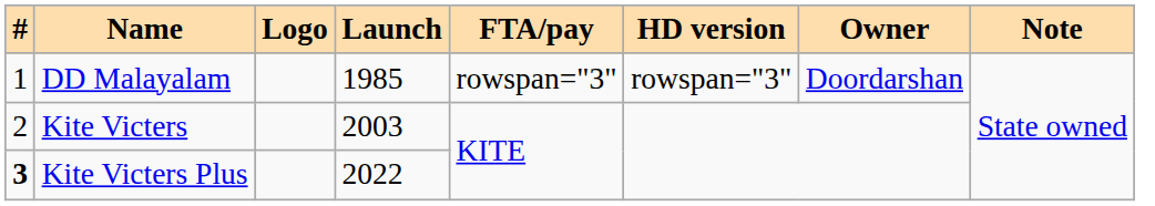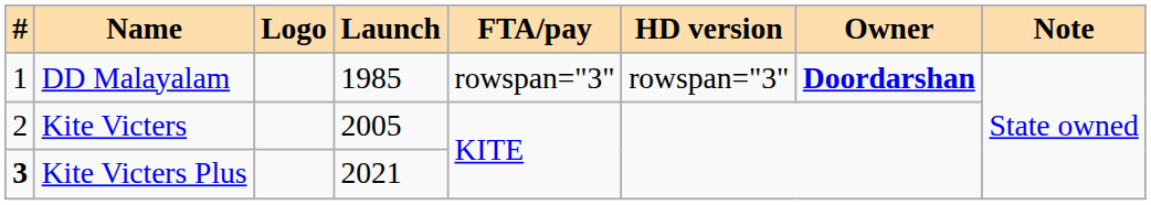 <table class="wikitable sortable">
 <tr>
 <th style="background-color:navajowhite">#</th>
 <th style="background-color:navajowhite">Name</th>
 <th style="background-color:navajowhite">Logo</th>
 <th style="background-color:navajowhite">Launch</th>
 <th style="background-color:navajowhite">FTA/pay</th>
 <th style="background-color:navajowhite">HD version</th>
 <th style="background-color:navajowhite">Owner</th>
 <th style="background-color:navajowhite">Note</th>
 </tr>
 <tr>
 <td>1</td>
 <td><a href='#'>DD Malayalam</a></td>
 <td></td>
 <td>1985</td>
 <td>rowspan="3" </td>
 <td>rowspan="3" </td>
-<td><a href='#'>Doordarshan</a></td>
+<td><strong><a href='#'>Doordarshan</a></strong></td>
 <td rowspan="3"><a href='#'>State owned</a></td>
 </tr>
 <tr>
 <td>2</td>
 <td><a href='#'>Kite Victers</a></td>
 <td></td>
-<td>2003</td>
+<td>2005</td>
 <td rowspan="2"><a href='#'>KITE</a></td>
 </tr>
 <tr>
 <td><strong>3</strong></td>
 <td><a href='#'>Kite Victers Plus</a></td>
 <td></td>
-<td>2022</td>
+<td>2021</td>
 </tr>
 </table>
